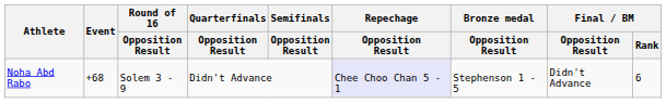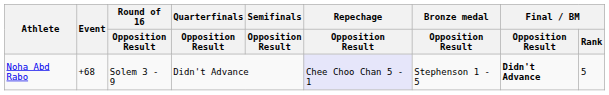 <table class="wikitable">
 <tr>
 <th rowspan="2">Athlete</th>
 <th rowspan="2">Event</th>
 <th>Round of 16</th>
 <th>Quarterfinals</th>
 <th>Semifinals</th>
 <th>Repechage</th>
 <th>Bronze medal</th>
 <th colspan="2">Final / <abbr>BM</abbr></th>
 </tr>
 <tr>
 <th>Opposition<br>Result</th>
 <th>Opposition<br>Result</th>
 <th>Opposition<br>Result</th>
 <th>Opposition<br>Result</th>
 <th>Opposition<br>Result</th>
 <th>Opposition<br>Result</th>
 <th>Rank</th>
 </tr>
 <tr>
 <td><a href='#'>Noha Abd Rabo</a></td>
 <td>+68</td>
 <td><br>Solem 3 - 9</td>
 <td colspan="2">Didn't Advance</td>
 <td style="background: lavender;"><br>Chee Choo Chan 5 - 1</td>
 <td><br>Stephenson 1 - 5</td>
-<td>Didn't Advance</td>
-<td>6</td>
+<td><strong>Didn't Advance</strong></td>
+<td>5</td>
 </tr>
 </table>
